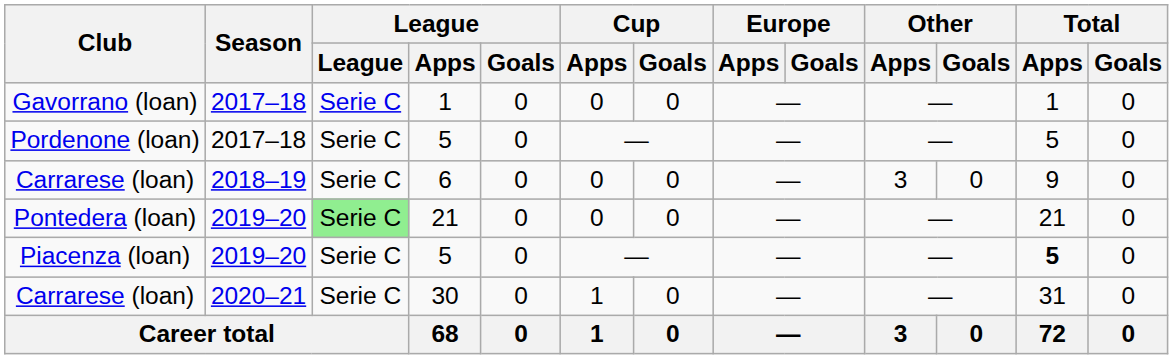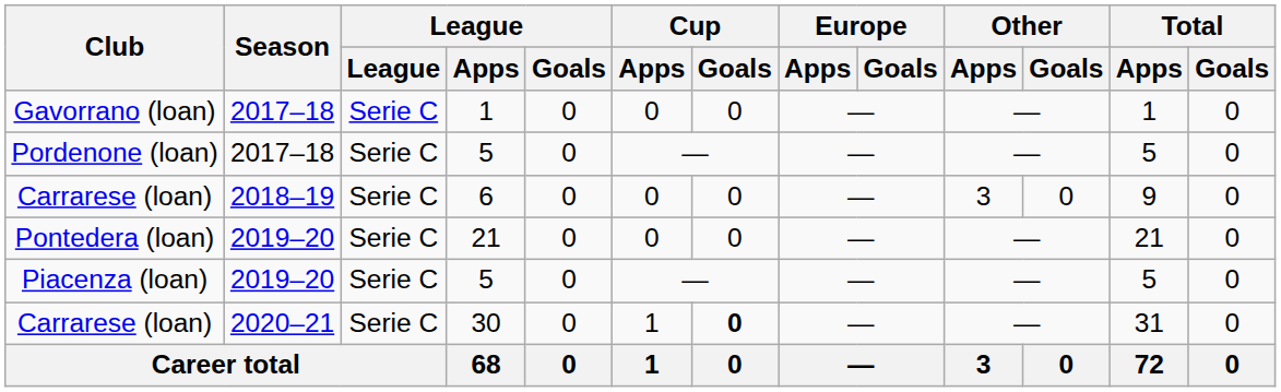 <table class="wikitable" style="text-align: center;">
 <tr>
 <th rowspan="2">Club</th>
 <th rowspan="2">Season</th>
 <th colspan="3">League</th>
 <th colspan="2">Cup</th>
 <th colspan="2">Europe</th>
 <th colspan="2">Other</th>
 <th colspan="2">Total</th>
 </tr>
 <tr>
 <th>League</th>
 <th>Apps</th>
 <th>Goals</th>
 <th>Apps</th>
 <th>Goals</th>
 <th>Apps</th>
 <th>Goals</th>
 <th>Apps</th>
 <th>Goals</th>
 <th>Apps</th>
 <th>Goals</th>
 </tr>
 <tr>
 <td><a href='#'>Gavorrano</a> (loan)</td>
 <td><a href='#'>2017–18</a></td>
 <td><a href='#'>Serie C</a></td>
 <td>1</td>
 <td>0</td>
 <td>0</td>
 <td>0</td>
 <td colspan="2">—</td>
 <td colspan="2">—</td>
 <td>1</td>
 <td>0</td>
 </tr>
 <tr>
 <td><a href='#'>Pordenone</a> (loan)</td>
 <td>2017–18</td>
 <td>Serie C</td>
 <td>5</td>
 <td>0</td>
 <td colspan="2">—</td>
 <td colspan="2">—</td>
 <td colspan="2">—</td>
 <td>5</td>
 <td>0</td>
 </tr>
 <tr>
 <td><a href='#'>Carrarese</a> (loan)</td>
 <td><a href='#'>2018–19</a></td>
 <td>Serie C</td>
 <td>6</td>
 <td>0</td>
 <td>0</td>
 <td>0</td>
 <td colspan="2">—</td>
 <td>3</td>
 <td>0</td>
 <td>9</td>
 <td>0</td>
 </tr>
 <tr>
 <td><a href='#'>Pontedera</a> (loan)</td>
 <td><a href='#'>2019–20</a></td>
-<td style="background: lightgreen;">Serie C</td>
+<td>Serie C</td>
 <td>21</td>
 <td>0</td>
 <td>0</td>
 <td>0</td>
 <td colspan="2">—</td>
 <td colspan="2">—</td>
 <td>21</td>
 <td>0</td>
 </tr>
 <tr>
 <td><a href='#'>Piacenza</a> (loan)</td>
 <td><a href='#'>2019–20</a></td>
 <td>Serie C</td>
 <td>5</td>
 <td>0</td>
 <td colspan="2">—</td>
 <td colspan="2">—</td>
 <td colspan="2">—</td>
-<td><strong>5</strong></td>
+<td>5</td>
 <td>0</td>
 </tr>
 <tr>
 <td><a href='#'>Carrarese</a> (loan)</td>
 <td><a href='#'>2020–21</a></td>
 <td>Serie C</td>
 <td>30</td>
 <td>0</td>
 <td>1</td>
-<td>0</td>
+<td><strong>0</strong></td>
 <td colspan="2">—</td>
 <td colspan="2">—</td>
 <td>31</td>
 <td>0</td>
 </tr>
 <tr>
 <th colspan="3">Career total</th>
 <th>68</th>
 <th>0</th>
 <th>1</th>
 <th>0</th>
 <th colspan="2">—</th>
 <th>3</th>
 <th>0</th>
 <th>72</th>
 <th>0</th>
 </tr>
 </table>
